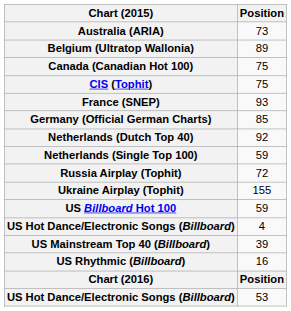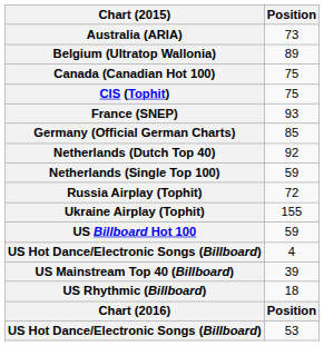 <table class="wikitable plainrowheaders" style="text-align:center">
 <tr>
 <th scope="col">Chart (2015)</th>
 <th scope="col">Position</th>
 </tr>
 <tr>
 <th scope="row">Australia (ARIA)</th>
 <td>73</td>
 </tr>
 <tr>
 <th scope="row">Belgium (Ultratop Wallonia)</th>
 <td>89</td>
 </tr>
 <tr>
 <th scope="row">Canada (Canadian Hot 100)</th>
 <td>75</td>
 </tr>
 <tr>
 <th scope="row"><a href='#'>CIS</a> (<a href='#'>Tophit</a>)</th>
 <td style="text-align:center;">75</td>
 </tr>
 <tr>
 <th scope="row">France (SNEP)</th>
 <td>93</td>
 </tr>
 <tr>
 <th scope="row">Germany (Official German Charts)</th>
 <td style="text-align:center;">85</td>
 </tr>
 <tr>
 <th scope="row">Netherlands (Dutch Top 40)</th>
 <td>92</td>
 </tr>
 <tr>
 <th scope="row">Netherlands (Single Top 100)</th>
 <td>59</td>
 </tr>
 <tr>
 <th scope="row">Russia Airplay (Tophit)</th>
 <td style="text-align:center;">72</td>
 </tr>
 <tr>
 <th scope="row">Ukraine Airplay (Tophit)</th>
 <td style="text-align:center;">155</td>
 </tr>
 <tr>
 <th scope="row">US <a href='#'><em>Billboard</em> Hot 100</a></th>
 <td>59</td>
 </tr>
 <tr>
 <th scope="row">US Hot Dance/Electronic Songs (<em>Billboard</em>)</th>
 <td>4</td>
 </tr>
 <tr>
 <th scope="row">US Mainstream Top 40 (<em>Billboard</em>)</th>
 <td>39</td>
 </tr>
 <tr>
 <th scope="row">US Rhythmic (<em>Billboard</em>)</th>
-<td>16</td>
+<td>18</td>
 </tr>
 <tr>
 <th scope="col">Chart (2016)</th>
 <th scope="col">Position</th>
 </tr>
 <tr>
 <th scope="row">US Hot Dance/Electronic Songs (<em>Billboard</em>)</th>
 <td>53</td>
 </tr>
 </table>
